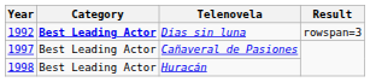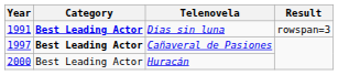 <table class="wikitable">
 <tr>
 <th><strong>Year</strong></th>
 <th><strong>Category</strong></th>
 <th><strong>Telenovela</strong></th>
 <th><strong>Result</strong></th>
 </tr>
 <tr>
-<td><a href='#'>1992</a></td>
+<td><a href='#'>1991</a></td>
 <td><strong><a href='#'>Best Leading Actor</a></strong></td>
 <td><em><a href='#'>Días sin luna</a></em></td>
 <td>rowspan=3 </td>
 </tr>
 <tr>
 <td><a href='#'>1997</a></td>
-<td>Best Leading Actor</td>
+<td><strong>Best Leading Actor</strong></td>
 <td><em><a href='#'>Cañaveral de Pasiones</a></em></td>
 </tr>
 <tr>
-<td><a href='#'>1998</a></td>
+<td><a href='#'>2000</a></td>
 <td>Best Leading Actor</td>
 <td><em><a href='#'>Huracán</a></em></td>
 </tr>
 </table>
